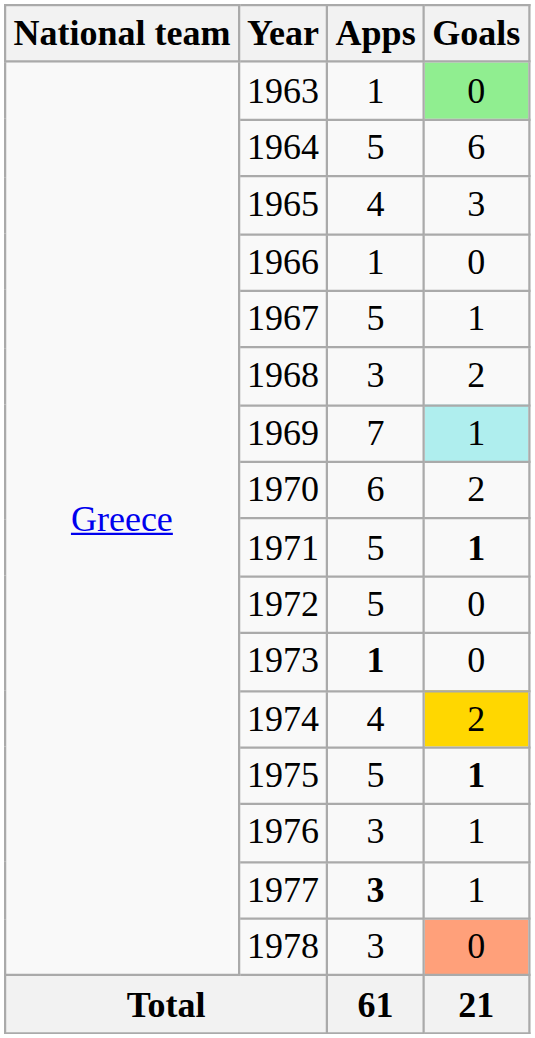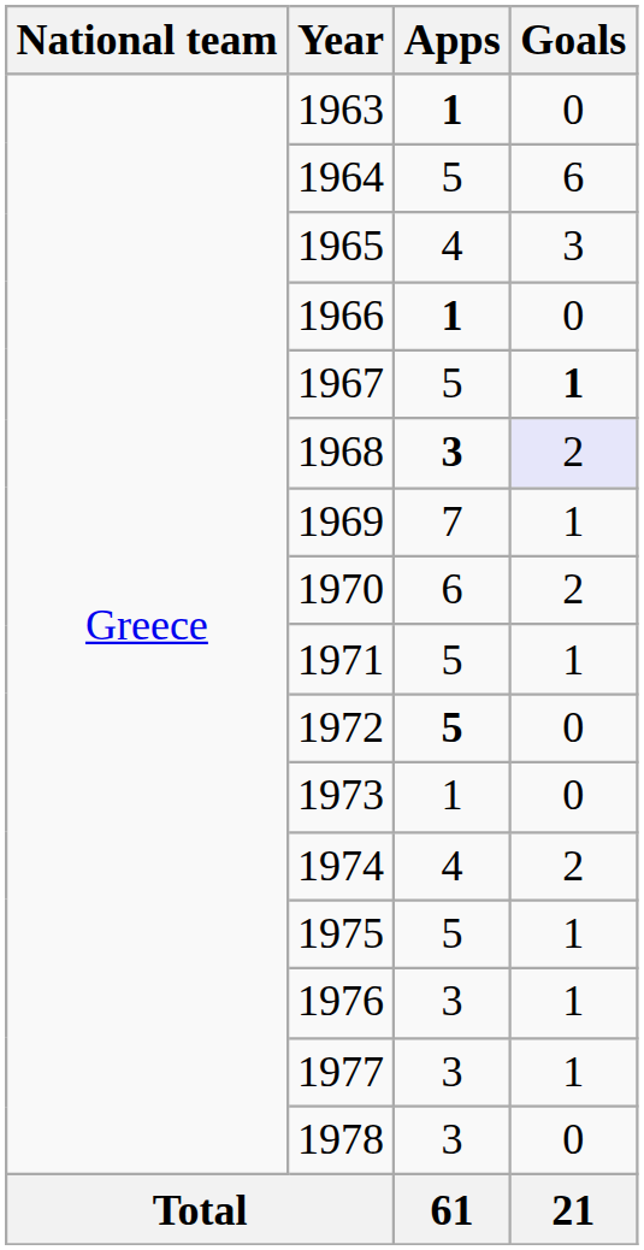 <table class="wikitable" style="text-align:center">
 <tr>
 <th>National team</th>
 <th>Year</th>
 <th>Apps</th>
 <th>Goals</th>
 </tr>
 <tr>
 <td rowspan="16"><a href='#'>Greece</a></td>
 <td>1963</td>
-<td>1</td>
-<td style="background: lightgreen;">0</td>
+<td><strong>1</strong></td>
+<td>0</td>
 </tr>
 <tr>
 <td>1964</td>
 <td>5</td>
 <td>6</td>
 </tr>
 <tr>
 <td>1965</td>
 <td>4</td>
 <td>3</td>
 </tr>
 <tr>
 <td>1966</td>
-<td>1</td>
+<td><strong>1</strong></td>
 <td>0</td>
 </tr>
 <tr>
 <td>1967</td>
 <td>5</td>
-<td>1</td>
+<td><strong>1</strong></td>
 </tr>
 <tr>
 <td>1968</td>
-<td>3</td>
-<td>2</td>
+<td><strong>3</strong></td>
+<td style="background: lavender;">2</td>
 </tr>
 <tr>
 <td>1969</td>
 <td>7</td>
-<td style="background: paleturquoise;">1</td>
+<td>1</td>
 </tr>
 <tr>
 <td>1970</td>
 <td>6</td>
 <td>2</td>
 </tr>
 <tr>
 <td>1971</td>
 <td>5</td>
-<td><strong>1</strong></td>
+<td>1</td>
 </tr>
 <tr>
 <td>1972</td>
-<td>5</td>
+<td><strong>5</strong></td>
 <td>0</td>
 </tr>
 <tr>
 <td>1973</td>
-<td><strong>1</strong></td>
+<td>1</td>
 <td>0</td>
 </tr>
 <tr>
 <td>1974</td>
 <td>4</td>
-<td style="background: gold;">2</td>
+<td>2</td>
 </tr>
 <tr>
 <td>1975</td>
 <td>5</td>
-<td><strong>1</strong></td>
+<td>1</td>
 </tr>
 <tr>
 <td>1976</td>
 <td>3</td>
 <td>1</td>
 </tr>
 <tr>
 <td>1977</td>
-<td><strong>3</strong></td>
+<td>3</td>
 <td>1</td>
 </tr>
 <tr>
 <td>1978</td>
 <td>3</td>
-<td style="background: lightsalmon;">0</td>
+<td>0</td>
 </tr>
 <tr>
 <th colspan="2">Total</th>
 <th>61</th>
 <th>21</th>
 </tr>
 </table>
